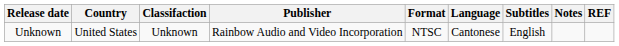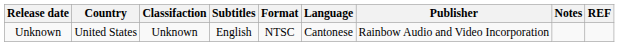 <table class="wikitable">
 <tr>
 <th>Release date</th>
 <th>Country</th>
 <th>Classifaction</th>
-<th>Publisher</th>
+<th>Subtitles</th>
 <th>Format</th>
 <th>Language</th>
-<th>Subtitles</th>
+<th>Publisher</th>
 <th>Notes</th>
 <th>REF</th>
 </tr>
 <tr style="text-align:center;">
 <td>Unknown</td>
 <td>United States</td>
 <td>Unknown</td>
-<td>Rainbow Audio and Video Incorporation</td>
+<td>English</td>
 <td>NTSC</td>
 <td>Cantonese</td>
-<td>English</td>
+<td>Rainbow Audio and Video Incorporation</td>
 <td></td>
 <td></td>
 </tr>
 </table>
